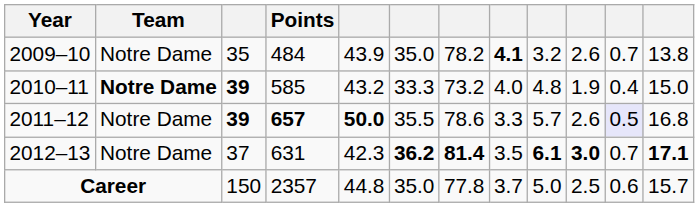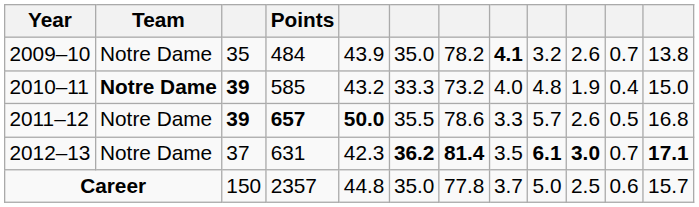 <table class="wikitable">
 <tr>
 <th scope="col">Year</th>
 <th scope="col">Team</th>
 <th scope="col"></th>
 <th scope="col">Points</th>
 <th scope="col"></th>
 <th scope="col"></th>
 <th scope="col"></th>
 <th scope="col"></th>
 <th scope="col"></th>
 <th scope="col"></th>
 <th scope="col"></th>
 <th scope="col"></th>
 </tr>
 <tr>
 <td>2009–10</td>
 <td>Notre Dame</td>
 <td>35</td>
 <td>484</td>
 <td>43.9</td>
 <td>35.0</td>
 <td>78.2</td>
 <td><strong>4.1</strong></td>
 <td>3.2</td>
 <td>2.6</td>
 <td>0.7</td>
 <td>13.8</td>
 </tr>
 <tr>
 <td>2010–11</td>
 <td><strong>Notre Dame</strong></td>
 <td><strong>39</strong></td>
 <td>585</td>
 <td>43.2</td>
 <td>33.3</td>
 <td>73.2</td>
 <td>4.0</td>
 <td>4.8</td>
 <td>1.9</td>
 <td>0.4</td>
 <td>15.0</td>
 </tr>
 <tr>
 <td>2011–12</td>
 <td>Notre Dame</td>
 <td><strong>39</strong></td>
 <td><strong>657</strong></td>
 <td><strong>50.0</strong></td>
 <td>35.5</td>
 <td>78.6</td>
 <td>3.3</td>
 <td>5.7</td>
 <td>2.6</td>
-<td style="background: lavender;">0.5</td>
+<td>0.5</td>
 <td>16.8</td>
 </tr>
 <tr>
 <td>2012–13</td>
 <td>Notre Dame</td>
 <td>37</td>
 <td>631</td>
 <td>42.3</td>
 <td><strong>36.2</strong></td>
 <td><strong>81.4</strong></td>
 <td>3.5</td>
 <td><strong>6.1</strong></td>
 <td><strong>3.0</strong></td>
 <td>0.7</td>
 <td><strong>17.1</strong></td>
 </tr>
 <tr>
 <td colspan=2 align=center><strong>Career</strong></td>
 <td>150</td>
 <td>2357</td>
 <td>44.8</td>
 <td>35.0</td>
 <td>77.8</td>
 <td>3.7</td>
 <td>5.0</td>
 <td>2.5</td>
 <td>0.6</td>
 <td>15.7</td>
 </tr>
 </table>
